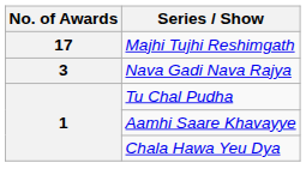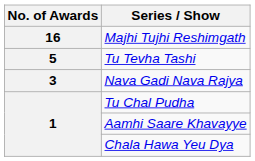 <table class="wikitable" style="display:inline-table;">
 <tr>
 <th>No. of Awards</th>
 <th>Series / Show</th>
 </tr>
 <tr>
-<th>17</th>
+<th>16</th>
 <td><em><a href='#'>Majhi Tujhi Reshimgath</a></em></td>
+</tr>
+<tr>
+<th>5</th>
+<td><em><a href='#'>Tu Tevha Tashi</a></em></td>
 </tr>
 <tr>
 <th>3</th>
 <td><em><a href='#'>Nava Gadi Nava Rajya</a></em></td>
 </tr>
 <tr>
 <th rowspan="3">1</th>
 <td><em><a href='#'>Tu Chal Pudha</a></em></td>
 </tr>
 <tr>
 <td><em><a href='#'>Aamhi Saare Khavayye</a></em></td>
 </tr>
 <tr>
 <td><em><a href='#'>Chala Hawa Yeu Dya</a></em></td>
 </tr>
 </table>
